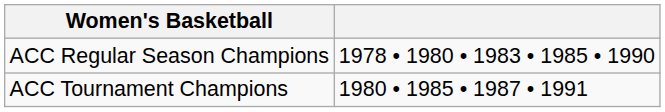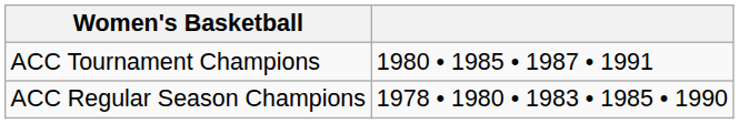 <table class="wikitable">
 <tr>
 <th>Women's Basketball</th>
 <th></th>
 </tr>
 <tr>
+<td>ACC Tournament Champions</td>
+<td>1980 • 1985 • 1987 • 1991</td>
+</tr>
+<tr>
 <td>ACC Regular Season Champions</td>
 <td>1978 • 1980 • 1983 • 1985 • 1990</td>
 </tr>
-<tr>
-<td>ACC Tournament Champions</td>
-<td>1980 • 1985 • 1987 • 1991</td>
-</tr>
 </table>
